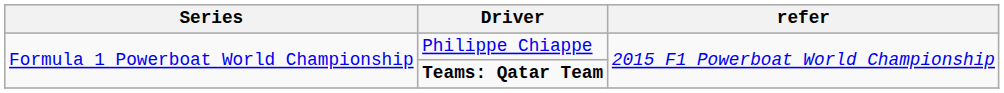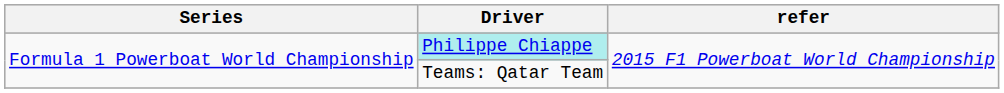 <table class="wikitable" style="font-size: 87%;">
 <tr>
 <th>Series</th>
 <th>Driver</th>
 <th>refer</th>
 </tr>
 <tr>
 <td rowspan=2><a href='#'>Formula 1 Powerboat World Championship</a></td>
-<td> <a href='#'>Philippe Chiappe</a></td>
+<td style="background: paleturquoise;"> <a href='#'>Philippe Chiappe</a></td>
 <td rowspan=2><em><a href='#'>2015 F1 Powerboat World Championship</a></em></td>
 </tr>
 <tr>
-<td><strong>Teams:  Qatar Team</strong></td>
+<td>Teams:  Qatar Team</td>
 </tr>
 </table>
